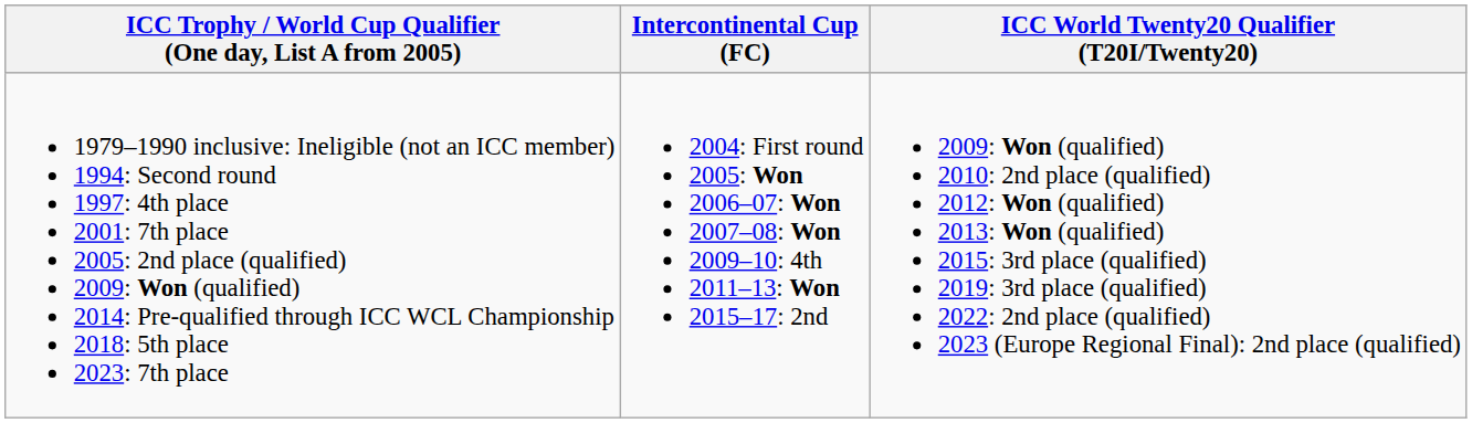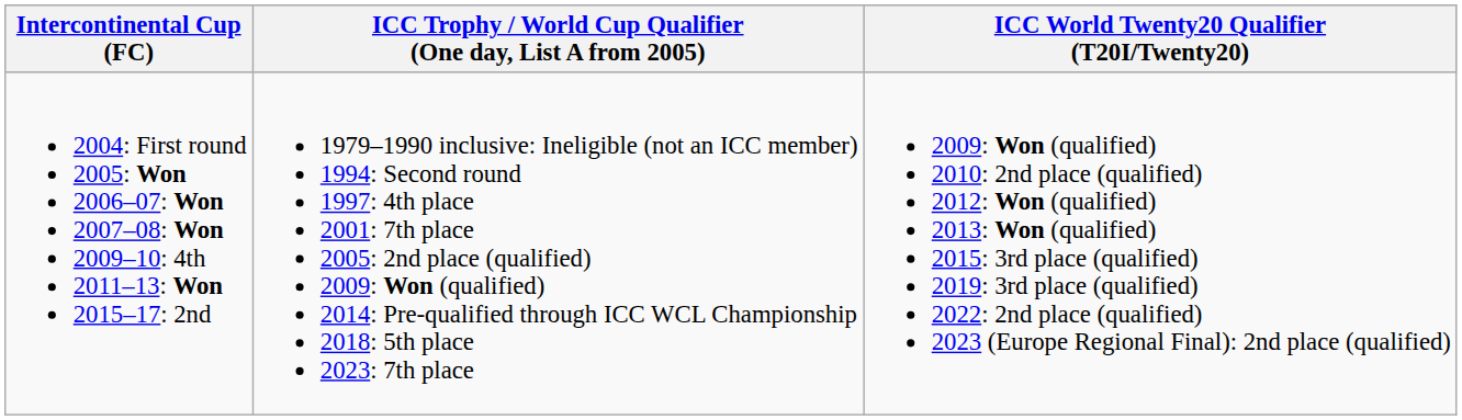 <table class="wikitable">
 <tr style="background:#ccc;">
+<th><a href='#'>Intercontinental Cup</a><br>(FC)</th>
 <th><a href='#'>ICC Trophy / World Cup Qualifier</a><br>(One day, List A from 2005)</th>
-<th><a href='#'>Intercontinental Cup</a><br>(FC)</th>
 <th><a href='#'>ICC World Twenty20 Qualifier</a><br>(T20I/Twenty20)</th>
 </tr>
 <tr>
+<td valign=top><br><ul><li><a href='#'>2004</a>: First round</li><li><a href='#'>2005</a>: <strong>Won</strong></li><li><a href='#'>2006–07</a>: <strong>Won</strong></li><li><a href='#'>2007–08</a>: <strong>Won</strong></li><li><a href='#'>2009–10</a>: 4th</li><li><a href='#'>2011–13</a>: <strong>Won</strong></li><li><a href='#'>2015–17</a>: 2nd</li></ul></td>
 <td valign=top><br><ul><li>1979–1990 inclusive: Ineligible (not an ICC member)</li><li><a href='#'>1994</a>: Second round</li><li><a href='#'>1997</a>: 4th place</li><li><a href='#'>2001</a>: 7th place</li><li><a href='#'>2005</a>: 2nd place (qualified)</li><li><a href='#'>2009</a>: <strong>Won</strong> (qualified)</li><li><a href='#'>2014</a>: Pre-qualified through ICC WCL Championship</li><li><a href='#'>2018</a>: 5th place</li><li><a href='#'>2023</a>: 7th place</li></ul></td>
-<td valign=top><br><ul><li><a href='#'>2004</a>: First round</li><li><a href='#'>2005</a>: <strong>Won</strong></li><li><a href='#'>2006–07</a>: <strong>Won</strong></li><li><a href='#'>2007–08</a>: <strong>Won</strong></li><li><a href='#'>2009–10</a>: 4th</li><li><a href='#'>2011–13</a>: <strong>Won</strong></li><li><a href='#'>2015–17</a>: 2nd</li></ul></td>
 <td valign=top><br><ul><li><a href='#'>2009</a>: <strong>Won</strong> (qualified)</li><li><a href='#'>2010</a>: 2nd place (qualified)</li><li><a href='#'>2012</a>: <strong>Won</strong> (qualified)</li><li><a href='#'>2013</a>: <strong>Won</strong> (qualified)</li><li><a href='#'>2015</a>: 3rd place (qualified)</li><li><a href='#'>2019</a>: 3rd place (qualified)</li><li><a href='#'>2022</a>: 2nd place (qualified)</li><li><a href='#'>2023</a> (Europe Regional Final): 2nd place (qualified)</li></ul></td>
 </tr>
 </table>
